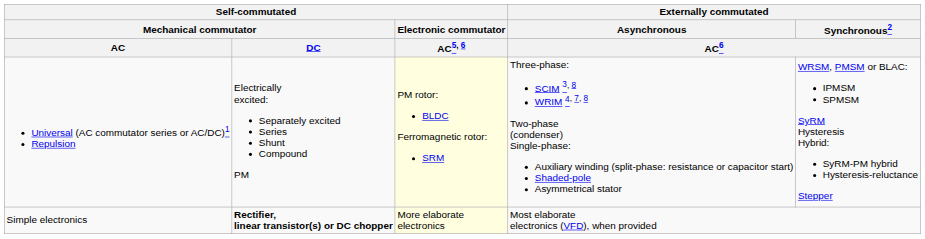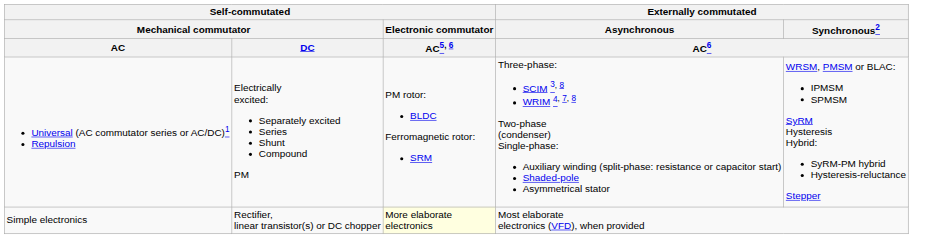 <table class="wikitable">
 <tr>
 <th colspan="3">Self-commutated</th>
 <th colspan="2">Externally commutated</th>
 </tr>
 <tr>
 <th colspan="2">Mechanical commutator</th>
 <th>Electronic commutator</th>
 <th>Asynchronous</th>
 <th>Synchronous<a href='#'><sup>2</sup></a></th>
 </tr>
 <tr>
 <th>AC</th>
 <th><a href='#'>DC</a></th>
 <th>AC<a href='#'><sup>5</sup></a><sup>, <a href='#'>6</a></sup></th>
 <th colspan="2">AC<a href='#'><sup>6</sup></a></th>
 </tr>
 <tr>
 <td><br><ul><li><a href='#'>Universal</a> (AC commutator series or AC/DC)<a href='#'><sup>1</sup></a></li><li><a href='#'>Repulsion</a></li></ul></td>
 <td>Electrically<br>excited:<ul><li>Separately excited</li><li>Series</li><li>Shunt</li><li>Compound</li></ul>PM</td>
-<td style="background: lightyellow;">PM rotor:<br><ul><li><a href='#'>BLDC</a></li></ul>Ferromagnetic rotor:<ul><li><a href='#'>SRM</a></li></ul></td>
+<td>PM rotor:<br><ul><li><a href='#'>BLDC</a></li></ul>Ferromagnetic rotor:<ul><li><a href='#'>SRM</a></li></ul></td>
 <td>Three-phase:<br><ul><li><a href='#'>SCIM</a> <a href='#'><sup>3</sup></a><sup>, <a href='#'>8</a></sup></li><li><a href='#'>WRIM</a> <a href='#'><sup>4</sup></a><sup>, <a href='#'>7</a>, <a href='#'>8</a></sup></li></ul>Two-phase<br>(condenser)<br>Single-phase:<ul><li>Auxiliary winding (split-phase: resistance or capacitor start)</li><li><a href='#'>Shaded-pole</a></li><li>Asymmetrical stator</li></ul></td>
 <td><a href='#'>WRSM</a>, <a href='#'>PMSM</a> or BLAC:<br><ul><li>IPMSM</li><li>SPMSM</li></ul><a href='#'>SyRM</a><br>Hysteresis<br>Hybrid:<ul><li>SyRM-PM hybrid</li><li>Hysteresis-reluctance</li></ul><a href='#'>Stepper</a></td>
 </tr>
 <tr>
 <td>Simple electronics</td>
-<td><strong>Rectifier,<br>linear transistor(s) or DC chopper</strong></td>
+<td>Rectifier,<br>linear transistor(s) or DC chopper</td>
 <td style="background: lightyellow;">More elaborate<br>electronics</td>
 <td colspan="2">Most elaborate<br>electronics (<a href='#'>VFD</a>), when provided</td>
 </tr>
 </table>
